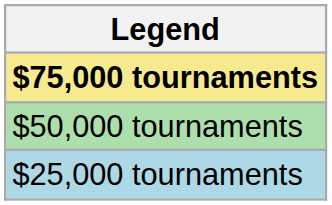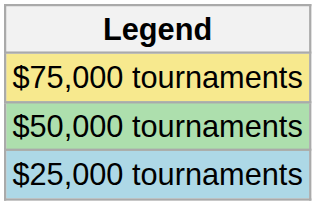 <table class=wikitable style="font-size:85%;">
 <tr>
 <th>Legend</th>
 </tr>
 <tr bgcolor=F7E98E>
-<td><strong>$75,000 tournaments</strong></td>
+<td>$75,000 tournaments</td>
 </tr>
 <tr bgcolor=ADDFAD>
 <td>$50,000 tournaments</td>
 </tr>
 <tr bgcolor=lightblue>
 <td>$25,000 tournaments</td>
 </tr>
 </table>
